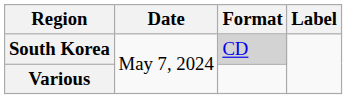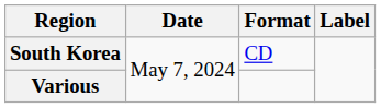 <table class="wikitable plainrowheaders">
 <tr>
 <th scope="col">Region</th>
 <th scope="col">Date</th>
 <th scope="col">Format</th>
 <th scope="col">Label</th>
 </tr>
 <tr>
 <th scope="row">South Korea</th>
 <td rowspan="2">May 7, 2024</td>
-<td style="background: lightgrey;"><a href='#'>CD</a></td>
+<td><a href='#'>CD</a></td>
 <td rowspan="2"></td>
 </tr>
 <tr>
 <th scope="row">Various</th>
 <td></td>
 </tr>
 </table>
